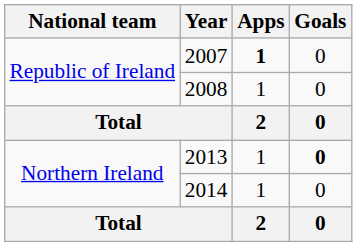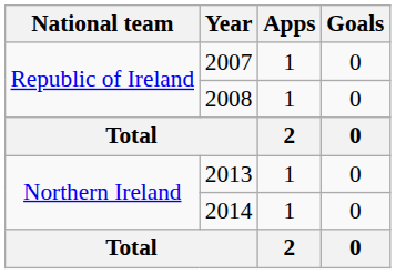 <table class=wikitable style=text-align:center>
 <tr>
 <th>National team</th>
 <th>Year</th>
 <th>Apps</th>
 <th>Goals</th>
 </tr>
 <tr>
 <td rowspan=2><a href='#'>Republic of Ireland</a></td>
 <td>2007</td>
-<td><strong>1</strong></td>
+<td>1</td>
 <td>0</td>
 </tr>
 <tr>
 <td>2008</td>
 <td>1</td>
 <td>0</td>
 </tr>
 <tr>
 <th colspan=2>Total</th>
 <th>2</th>
 <th>0</th>
 </tr>
 <tr>
 <td rowspan=2><a href='#'>Northern Ireland</a></td>
 <td>2013</td>
 <td>1</td>
-<td><strong>0</strong></td>
+<td>0</td>
 </tr>
 <tr>
 <td>2014</td>
 <td>1</td>
 <td>0</td>
 </tr>
 <tr>
 <th colspan=2>Total</th>
 <th>2</th>
 <th>0</th>
 </tr>
 </table>
